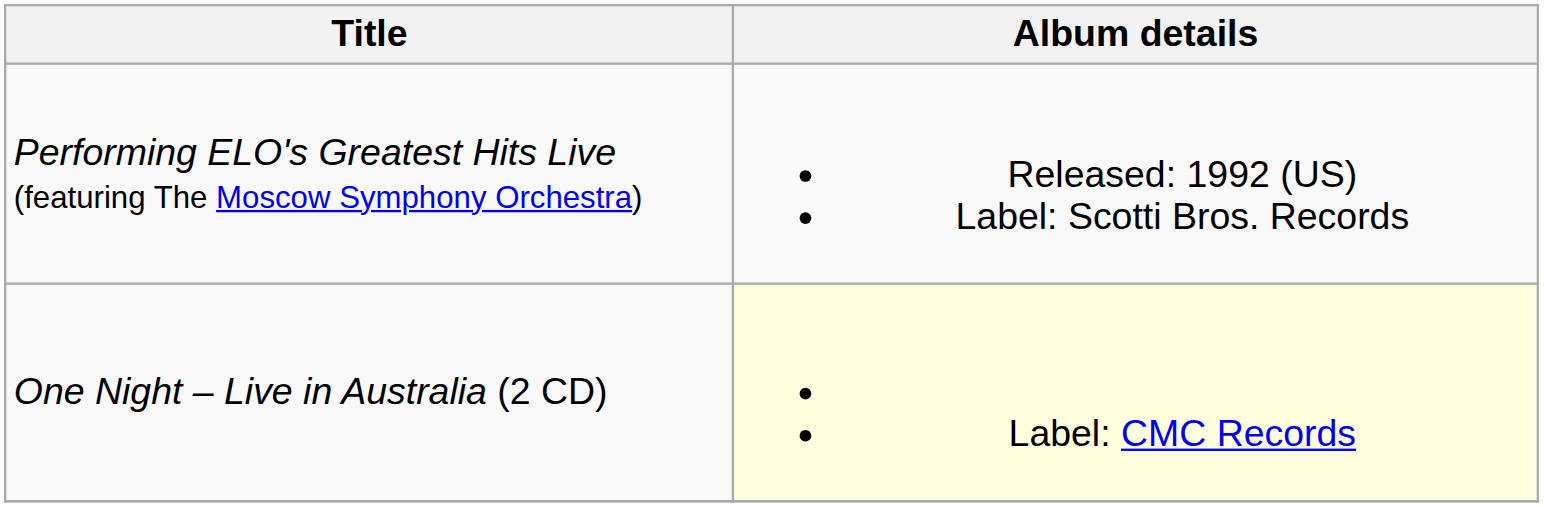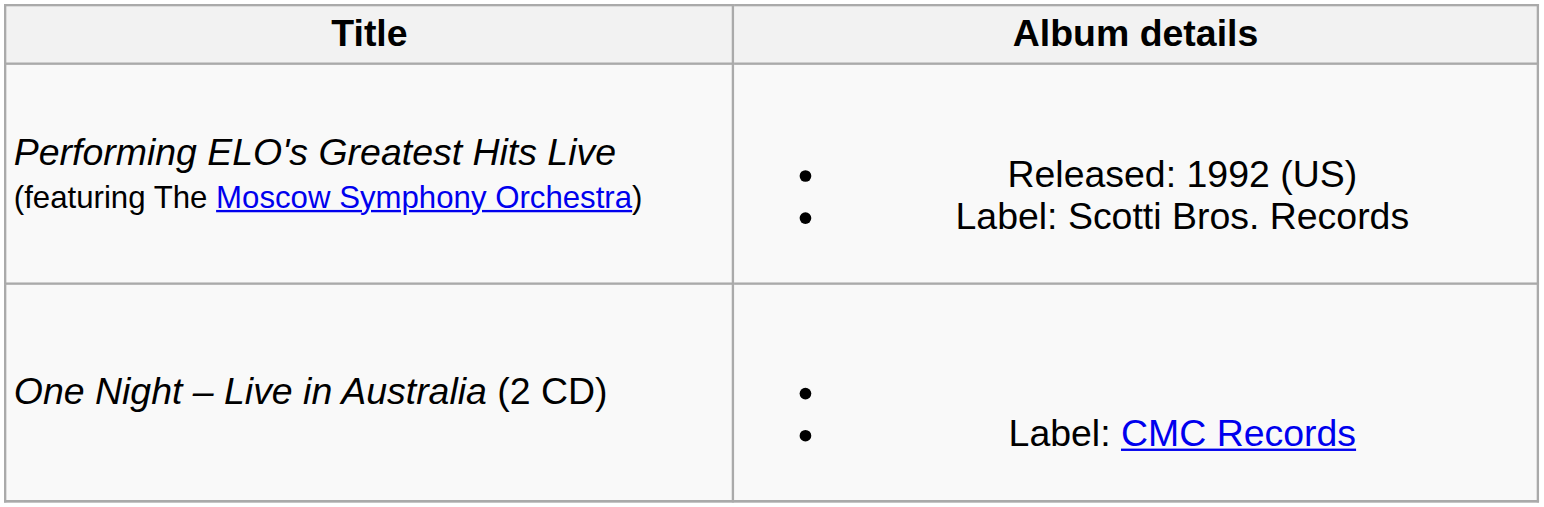 <table class="wikitable plainrowheaders" style="text-align:center;" border="1">
 <tr>
 <th scope="col" rowspan="1" style="width:19em;">Title</th>
 <th scope="col" rowspan="1" style="width:21em;">Album details</th>
 </tr>
 <tr>
 <td style="text-align:left;"><em>Performing ELO's Greatest Hits Live</em><br><small>(featuring The <a href='#'>Moscow Symphony Orchestra</a>)</small></td>
 <td><br><ul><li>Released: 1992 (US)</li><li>Label: Scotti Bros. Records</li></ul></td>
 </tr>
 <tr>
 <td style="text-align:left;"><em>One Night – Live in Australia</em> (2 CD)</td>
-<td style="background: lightyellow;"><br><ul><li></li><li>Label: <a href='#'>CMC Records</a></li></ul></td>
+<td><br><ul><li></li><li>Label: <a href='#'>CMC Records</a></li></ul></td>
 </tr>
 <tr>
 </tr>
 </table>
